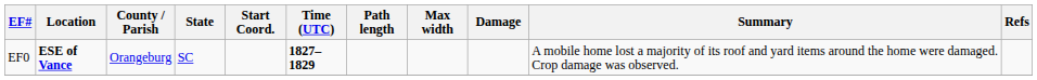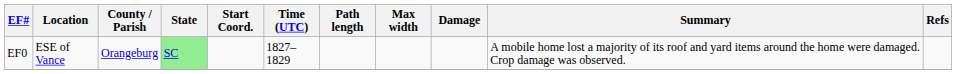 <table class="wikitable sortable" style="width:100%;">
 <tr>
 <th scope="col" width="3%" align="center"><a href='#'>EF#</a></th>
 <th scope="col" width="7%" align="center" class="unsortable">Location</th>
 <th scope="col" width="6%" align="center" class="unsortable">County / Parish</th>
 <th scope="col" width="5%" align="center">State</th>
 <th scope="col" width="6%" align="center">Start Coord.</th>
 <th scope="col" width="6%" align="center">Time (<a href='#'>UTC</a>)</th>
 <th scope="col" width="6%" align="center">Path length</th>
 <th scope="col" width="6%" align="center">Max width</th>
 <th scope="col" width="6%" align="center">Damage</th>
 <th scope="col" width="48%" class="unsortable" align="center">Summary</th>
 <th scope="col" width="48%" class="unsortable" align="center">Refs</th>
 </tr>
 <tr>
 <td>EF0</td>
-<td><strong>ESE of <a href='#'>Vance</a></strong></td>
+<td>ESE of <a href='#'>Vance</a></td>
 <td><a href='#'>Orangeburg</a></td>
-<td><a href='#'>SC</a></td>
+<td style="background: lightgreen;"><a href='#'>SC</a></td>
 <td></td>
-<td><strong>1827–1829</strong></td>
+<td>1827–1829</td>
 <td></td>
 <td></td>
 <td></td>
 <td>A mobile home lost a majority of its roof and yard items around the home were damaged. Crop damage was observed.</td>
 <td></td>
 </tr>
 <tr>
 </tr>
 </table>
